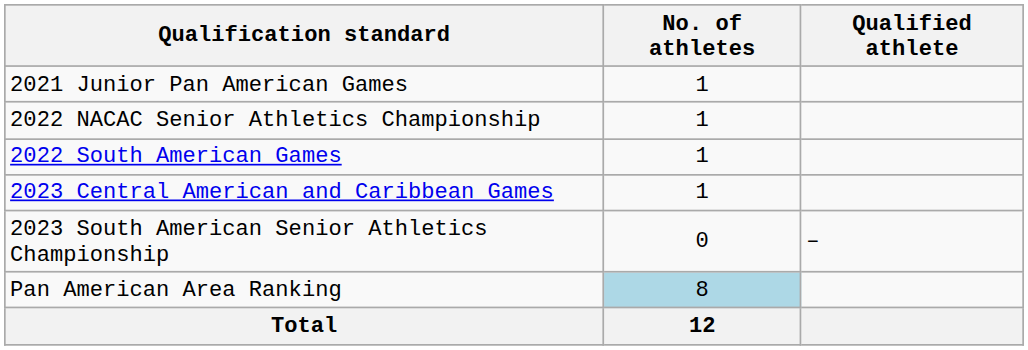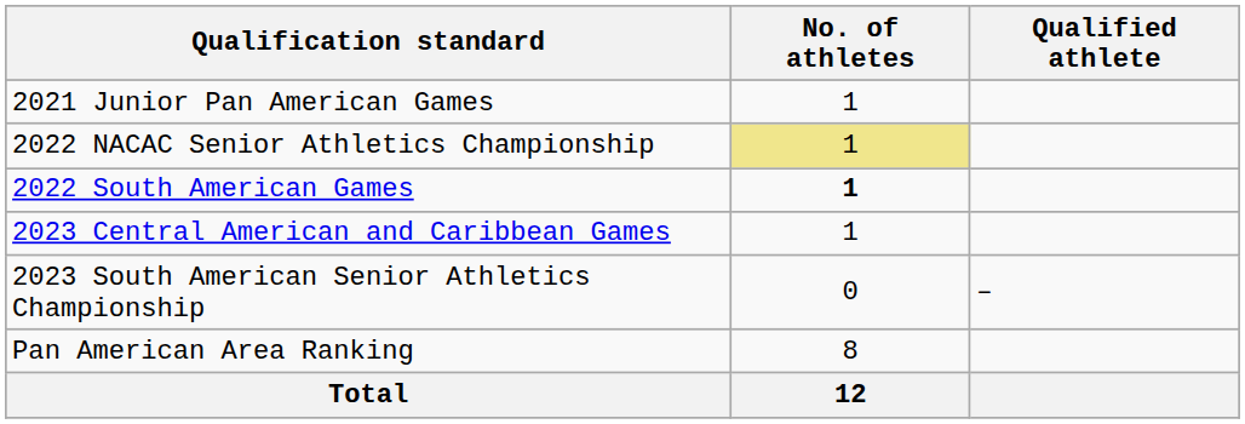 <table class="wikitable" style="text-align:left; width:600px;">
 <tr>
 <th>Qualification standard</th>
 <th>No. of athletes</th>
 <th>Qualified athlete</th>
 </tr>
 <tr>
 <td>2021 Junior Pan American Games</td>
 <td align=center>1</td>
 <td></td>
 </tr>
 <tr>
 <td>2022 NACAC Senior Athletics Championship</td>
-<td align=center>1</td>
+<td align=center style="background: khaki;">1</td>
 <td></td>
 </tr>
 <tr>
 <td><a href='#'>2022 South American Games</a></td>
-<td align=center>1</td>
+<td align=center><strong>1</strong></td>
 <td></td>
 </tr>
 <tr>
 <td><a href='#'>2023 Central American and Caribbean Games</a></td>
 <td align=center>1</td>
 <td></td>
 </tr>
 <tr>
 <td>2023 South American Senior Athletics Championship</td>
 <td align=center>0</td>
 <td>–</td>
 </tr>
 <tr>
 <td>Pan American Area Ranking</td>
-<td align=center style="background: lightblue;">8</td>
+<td align=center>8</td>
 <td></td>
 </tr>
 <tr>
 <th>Total</th>
 <th>12</th>
 <th colspan=2></th>
 </tr>
 </table>
